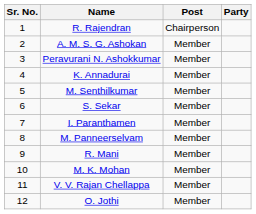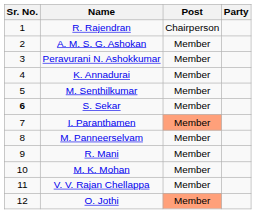 <table class="wikitable sortable">
 <tr>
 <th>Sr. No.</th>
 <th>Name</th>
 <th>Post</th>
 <th colspan="2">Party</th>
 </tr>
 <tr align="center">
 <td>1</td>
 <td><a href='#'>R. Rajendran</a></td>
 <td>Chairperson</td>
 <td></td>
 </tr>
 <tr align="center">
 <td>2</td>
 <td><a href='#'>A. M. S. G. Ashokan</a></td>
 <td>Member</td>
 <td></td>
 </tr>
 <tr align="center">
 <td>3</td>
 <td><a href='#'>Peravurani N. Ashokkumar</a></td>
 <td>Member</td>
 <td></td>
 </tr>
 <tr align="center">
 <td>4</td>
 <td><a href='#'>K. Annadurai</a></td>
 <td>Member</td>
 <td></td>
 </tr>
 <tr align="center">
 <td>5</td>
 <td><a href='#'>M. Senthilkumar</a></td>
 <td>Member</td>
 <td></td>
 </tr>
 <tr align="center">
-<td>6</td>
+<td><strong>6</strong></td>
 <td><a href='#'>S. Sekar</a></td>
 <td>Member</td>
 <td></td>
 </tr>
 <tr align="center">
 <td>7</td>
 <td><a href='#'>I. Paranthamen</a></td>
-<td>Member</td>
+<td style="background: lightsalmon;">Member</td>
 <td></td>
 </tr>
 <tr align="center">
 <td>8</td>
 <td><a href='#'>M. Panneerselvam</a></td>
 <td>Member</td>
 <td></td>
 </tr>
 <tr align="center">
 <td>9</td>
 <td><a href='#'>R. Mani</a></td>
 <td>Member</td>
 <td></td>
 </tr>
 <tr align="center">
 <td>10</td>
 <td><a href='#'>M. K. Mohan</a></td>
 <td>Member</td>
 <td></td>
 </tr>
 <tr align="center">
 <td>11</td>
 <td><a href='#'>V. V. Rajan Chellappa</a></td>
 <td>Member</td>
 <td></td>
 </tr>
 <tr align="center">
 <td>12</td>
 <td><a href='#'>O. Jothi</a></td>
-<td>Member</td>
+<td style="background: lightsalmon;">Member</td>
 <td></td>
 </tr>
 </table>
